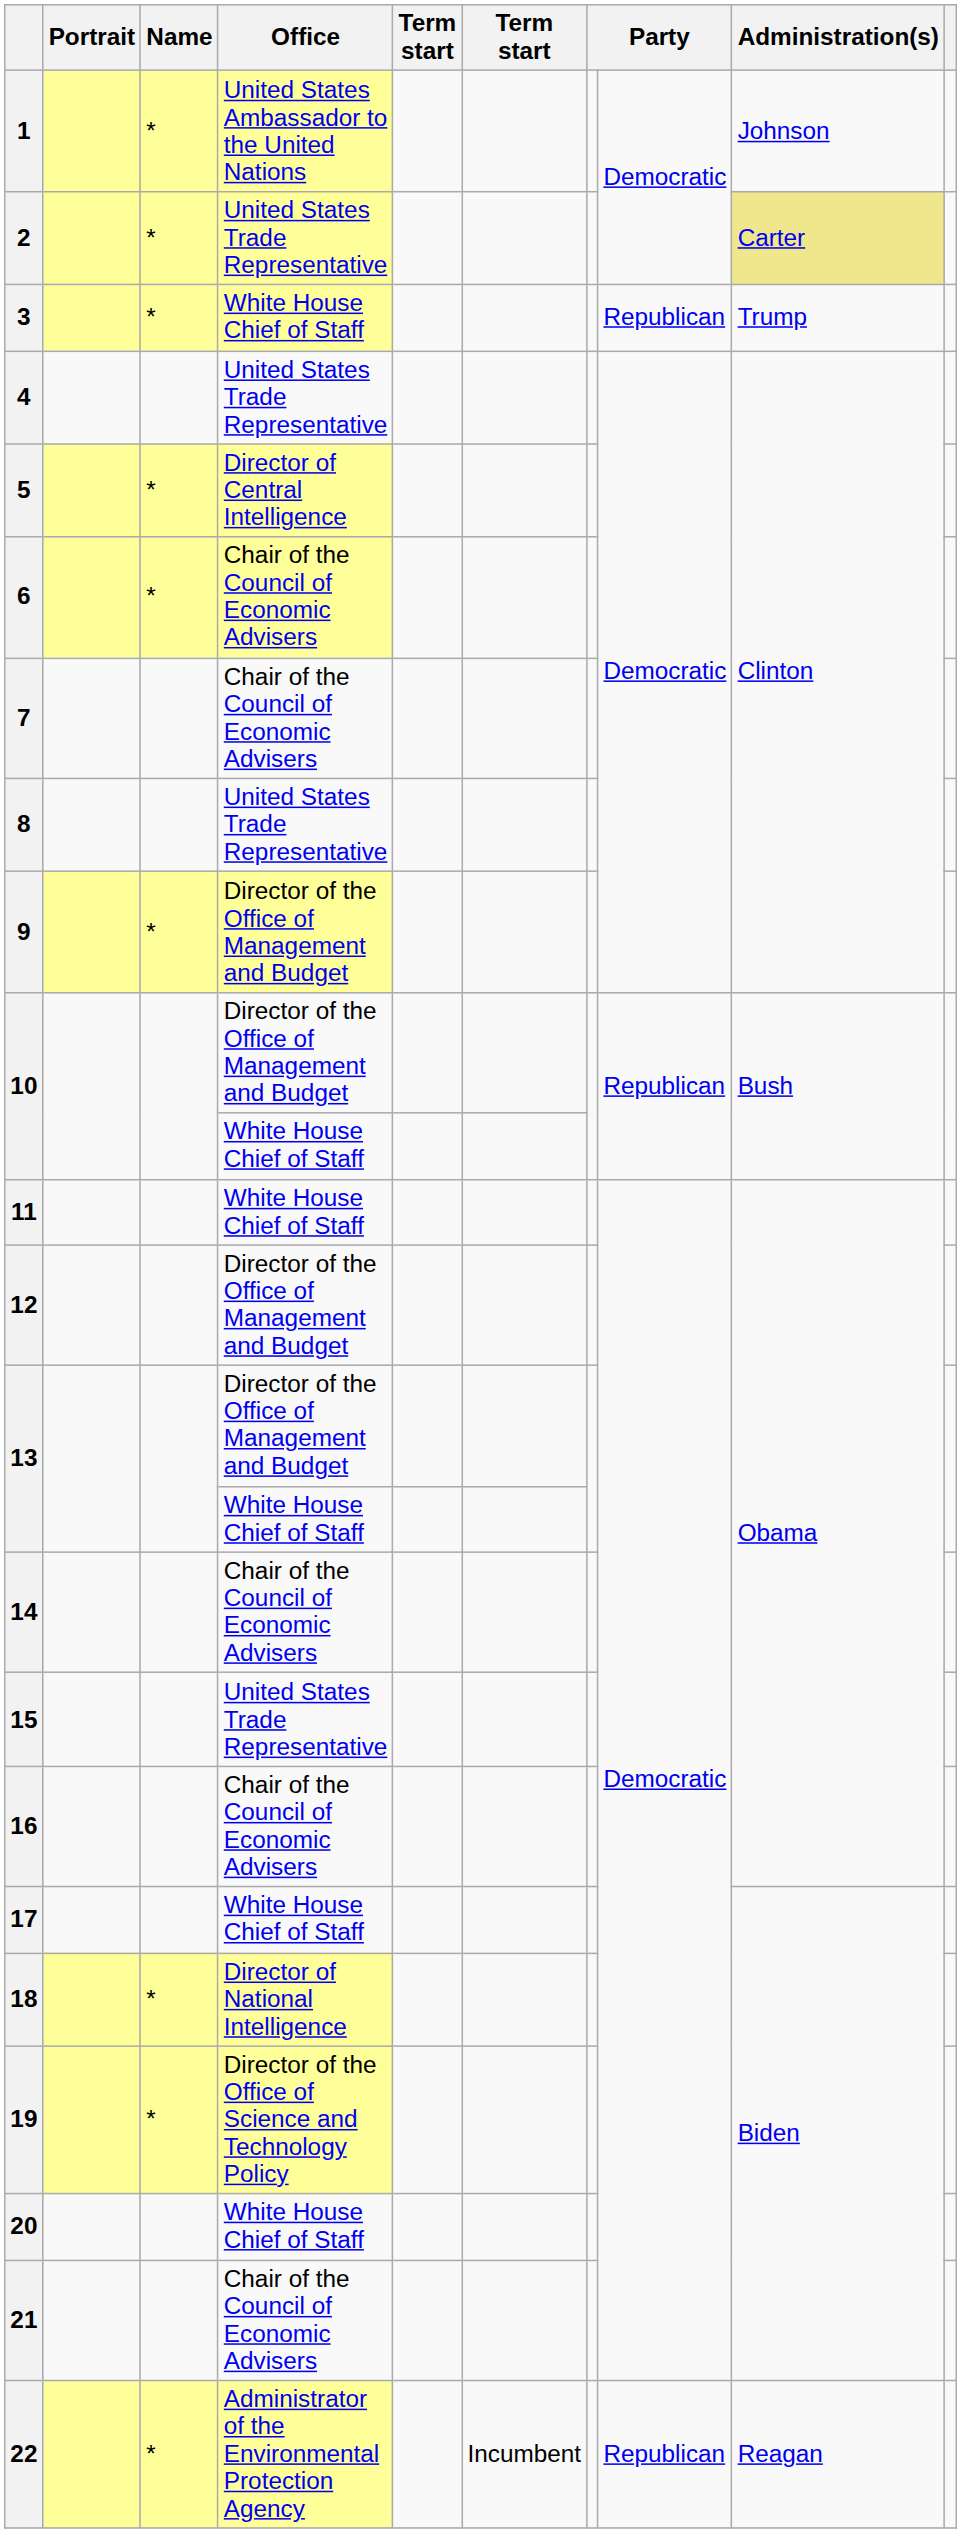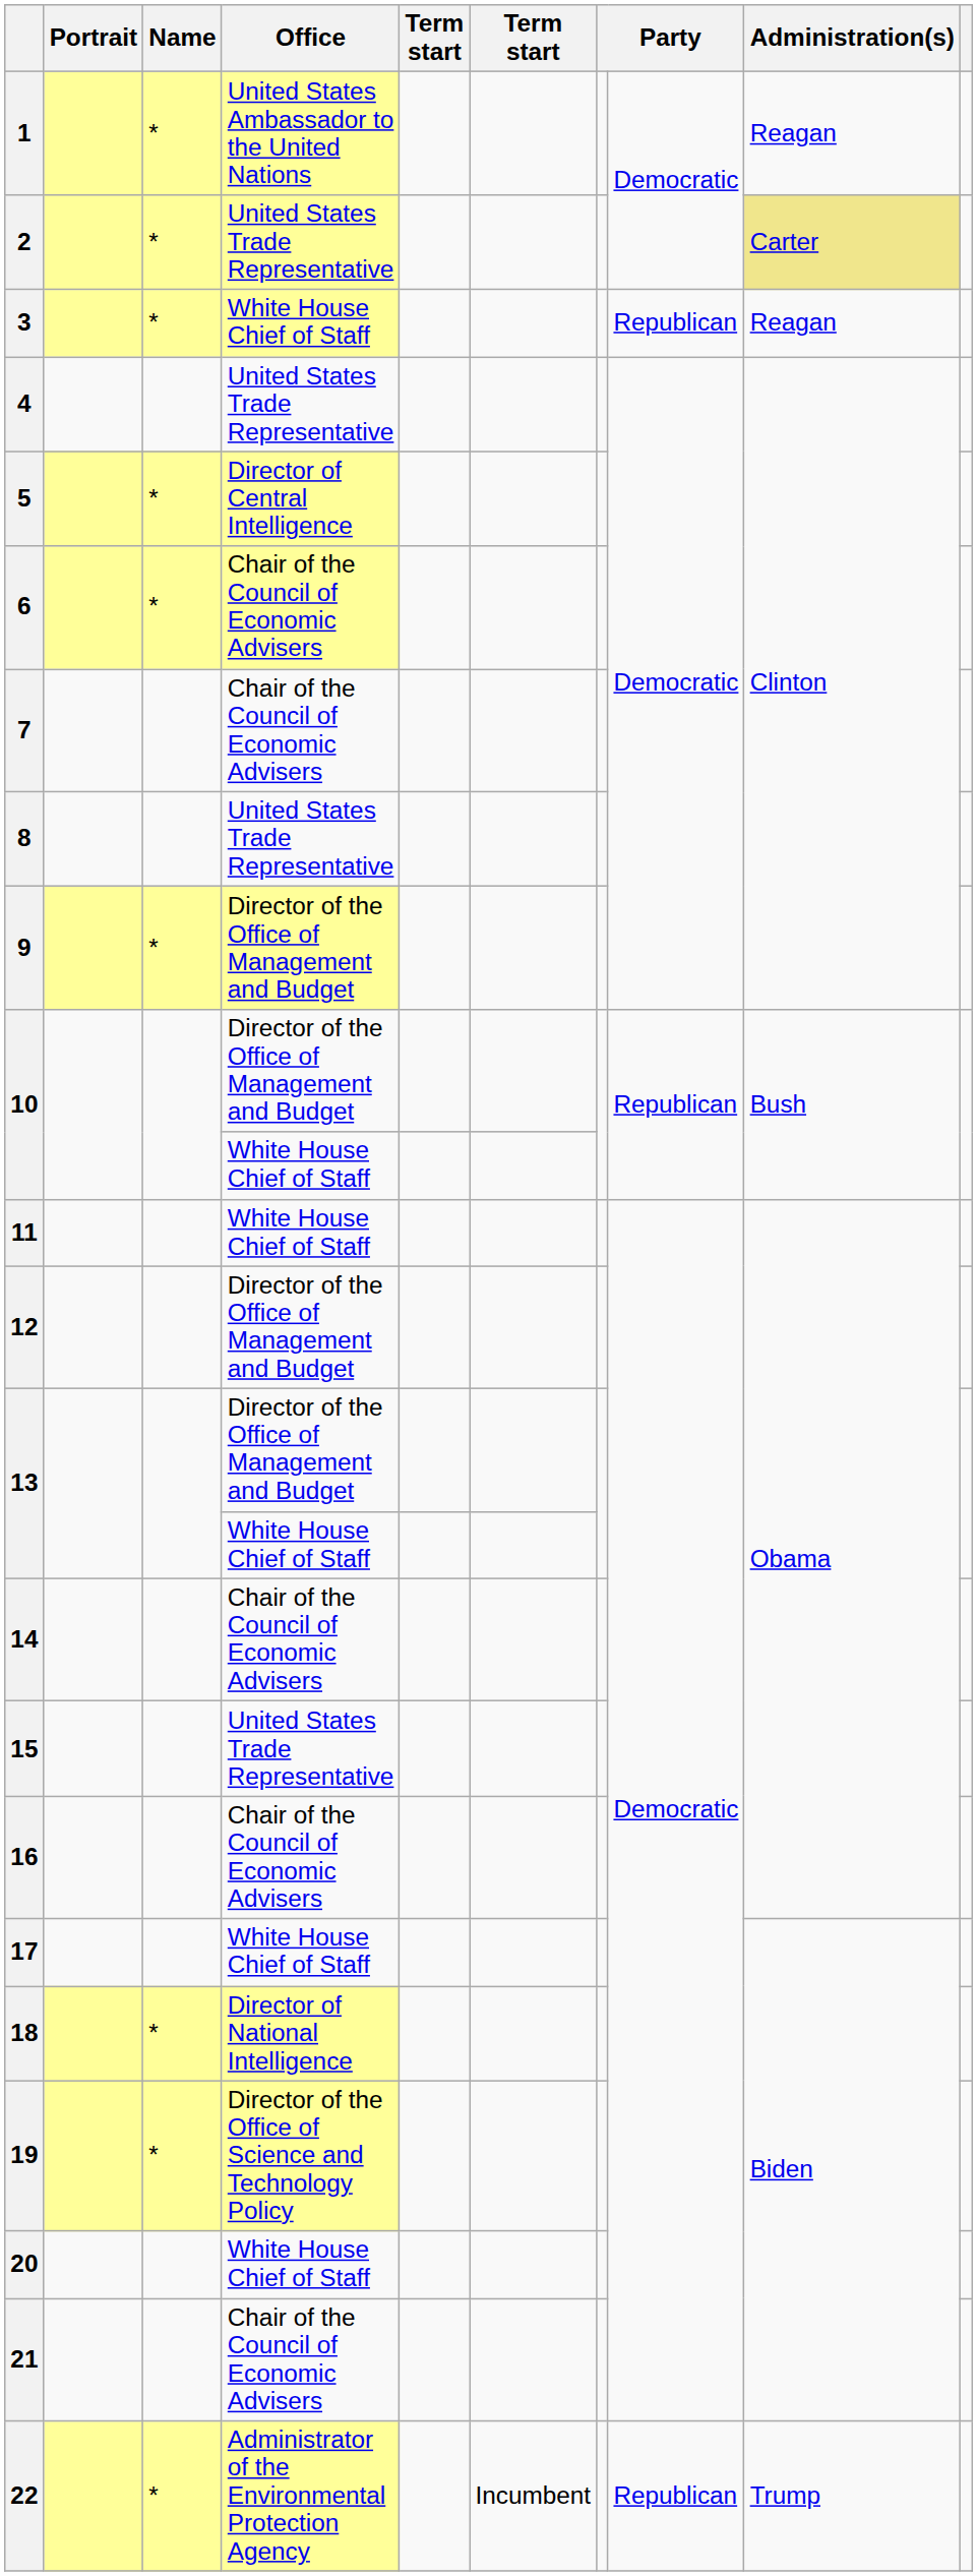 <table class="wikitable sortable">
 <tr>
 <th scope="col"></th>
 <th scope="col">Portrait</th>
 <th scope="col">Name</th>
 <th scope="col">Office</th>
 <th scope="col">Term start</th>
 <th scope="col">Term start</th>
 <th scope="col" colspan=2>Party</th>
 <th scope="col">Administration(s)</th>
 <th scope="col" class="unsortable"></th>
 </tr>
 <tr>
 <th scope="row">1</th>
 <td bgcolor="#FFFF99" data-sort-value="Goldberg, Arthur"></td>
 <td bgcolor="#FFFF99">*</td>
 <td bgcolor="#FFFF99"><a href='#'>United States Ambassador to the United Nations</a></td>
 <td></td>
 <td></td>
 <td style="background-color:"></td>
 <td rowspan=2><a href='#'>Democratic</a></td>
-<td><a href='#'>Johnson</a></td>
+<td><a href='#'>Reagan</a></td>
 <td align="center"></td>
 </tr>
 <tr>
 <th scope="row">2</th>
 <td bgcolor="#FFFF99" data-sort-value="Strauss, Robert S."></td>
 <td bgcolor="#FFFF99">*</td>
 <td bgcolor="#FFFF99"><a href='#'>United States Trade Representative</a></td>
 <td></td>
 <td></td>
 <td style="background-color:"></td>
 <td style="background: khaki;"><a href='#'>Carter</a></td>
 <td align="center"></td>
 </tr>
 <tr>
 <th scope="row">3</th>
 <td bgcolor="#FFFF99" data-sort-value="Duberstein, Kenneth"></td>
 <td bgcolor="#FFFF99">*</td>
 <td bgcolor="#FFFF99"><a href='#'>White House Chief of Staff</a></td>
 <td></td>
 <td></td>
 <td style="background-color:"></td>
 <td><a href='#'>Republican</a></td>
-<td><a href='#'>Trump</a></td>
+<td><a href='#'>Reagan</a></td>
 <td align="center"></td>
 </tr>
 <tr>
 <th scope="row">4</th>
 <td data-sort-value="Kantor, Mickey"></td>
 <td></td>
 <td><a href='#'>United States Trade Representative</a></td>
 <td></td>
 <td></td>
 <td style="background-color:"></td>
 <td rowspan=6><a href='#'>Democratic</a></td>
 <td rowspan=6><a href='#'>Clinton</a></td>
 <td align="center"></td>
 </tr>
 <tr>
 <th scope="row">5</th>
 <td bgcolor="#FFFF99" data-sort-value="Deutch, John"></td>
 <td bgcolor="#FFFF99">*</td>
 <td bgcolor="#FFFF99"><a href='#'>Director of Central Intelligence</a></td>
 <td></td>
 <td></td>
 <td style="background-color:"></td>
 <td align="center"></td>
 </tr>
 <tr>
 <th scope="row">6</th>
 <td bgcolor="#FFFF99" data-sort-value="Stiglitz, Joseph"></td>
 <td bgcolor="#FFFF99">*</td>
 <td bgcolor="#FFFF99">Chair of the <a href='#'>Council of Economic Advisers</a></td>
 <td></td>
 <td></td>
 <td style="background-color:"></td>
 <td align="center"></td>
 </tr>
 <tr>
 <th scope="row">7</th>
 <td data-sort-value="Yellen, Janet"></td>
 <td></td>
 <td>Chair of the <a href='#'>Council of Economic Advisers</a></td>
 <td></td>
 <td></td>
 <td style="background-color:"></td>
 <td align="center"></td>
 </tr>
 <tr>
 <th scope="row">8</th>
 <td data-sort-value="Barshefsky, Charlene"></td>
 <td></td>
 <td><a href='#'>United States Trade Representative</a></td>
 <td></td>
 <td></td>
 <td style="background-color:"></td>
 <td align="center"></td>
 </tr>
 <tr>
 <th scope="row">9</th>
 <td bgcolor="#FFFF99" data-sort-value="Lew, Jack"></td>
 <td bgcolor="#FFFF99">*</td>
 <td bgcolor="#FFFF99">Director of the <a href='#'>Office of Management and Budget</a></td>
 <td></td>
 <td></td>
 <td style="background-color:"></td>
 <td align="center"></td>
 </tr>
 <tr>
 <th rowspan=2 scope="row">10</th>
 <td rowspan=2 data-sort-value="Bolten, Joshua"></td>
 <td rowspan=2></td>
 <td>Director of the <a href='#'>Office of Management and Budget</a></td>
 <td></td>
 <td></td>
 <td rowspan=2 style="background-color:"></td>
 <td rowspan=2><a href='#'>Republican</a></td>
 <td rowspan=2><a href='#'>Bush</a></td>
 <td rowspan=2 align="center"></td>
 </tr>
 <tr>
 <td><a href='#'>White House Chief of Staff</a></td>
 <td></td>
 <td></td>
 </tr>
 <tr>
 <th scope="row">11</th>
 <td data-sort-value="Emanuel, Rahm"></td>
 <td></td>
 <td><a href='#'>White House Chief of Staff</a></td>
 <td></td>
 <td></td>
 <td style="background-color:"></td>
 <td rowspan=12><a href='#'>Democratic</a></td>
 <td rowspan=7><a href='#'>Obama</a></td>
 <td align="center"></td>
 </tr>
 <tr>
 <th scope="row">12</th>
 <td data-sort-value="Orszag, Peter"></td>
 <td></td>
 <td>Director of the <a href='#'>Office of Management and Budget</a></td>
 <td></td>
 <td></td>
 <td style="background-color:"></td>
 <td align="center"></td>
 </tr>
 <tr>
 <th rowspan=2 scope="row">13</th>
 <td rowspan=2 data-sort-value="Lew, Jack"></td>
 <td rowspan=2></td>
 <td>Director of the <a href='#'>Office of Management and Budget</a></td>
 <td></td>
 <td></td>
 <td rowspan=2 style="background-color:"></td>
 <td rowspan=2 align="center"></td>
 </tr>
 <tr>
 <td><a href='#'>White House Chief of Staff</a></td>
 <td></td>
 <td></td>
 </tr>
 <tr>
 <th scope="row">14</th>
 <td data-sort-value="Krueger, Alan"></td>
 <td></td>
 <td>Chair of the <a href='#'>Council of Economic Advisers</a></td>
 <td></td>
 <td></td>
 <td style="background-color:"></td>
 <td align="center"></td>
 </tr>
 <tr>
 <th scope="row">15</th>
 <td data-sort-value="Froman, Michael"></td>
 <td></td>
 <td><a href='#'>United States Trade Representative</a></td>
 <td></td>
 <td></td>
 <td style="background-color:"></td>
 <td align="center"></td>
 </tr>
 <tr>
 <th scope="row">16</th>
 <td data-sort-value="Furman, Jason"></td>
 <td></td>
 <td>Chair of the <a href='#'>Council of Economic Advisers</a></td>
 <td></td>
 <td></td>
 <td style="background-color:"></td>
 <td align="center"></td>
 </tr>
 <tr>
 <th scope="row">17</th>
 <td data-sort-value="Klain, Ron"></td>
 <td></td>
 <td><a href='#'>White House Chief of Staff</a></td>
 <td></td>
 <td></td>
 <td style="background-color:"></td>
 <td rowspan=5><a href='#'>Biden</a></td>
 <td align="center"></td>
 </tr>
 <tr>
 <th scope="row">18</th>
 <td bgcolor="#FFFF99" data-sort-value="Haines, Avril"></td>
 <td bgcolor="#FFFF99">*</td>
 <td bgcolor="#FFFF99"><a href='#'>Director of National Intelligence</a></td>
 <td></td>
 <td></td>
 <td style="background-color:"></td>
 <td align="center"></td>
 </tr>
 <tr>
 <th scope="row">19</th>
 <td bgcolor="#FFFF99" data-sort-value="Lander, Eric"></td>
 <td bgcolor="#FFFF99">*</td>
 <td bgcolor="#FFFF99">Director of the <a href='#'>Office of Science and Technology Policy</a></td>
 <td></td>
 <td></td>
 <td style="background-color:"></td>
 <td align="center"></td>
 </tr>
 <tr>
 <th scope="row">20</th>
 <td data-sort-value="Zients, Jeff"></td>
 <td></td>
 <td><a href='#'>White House Chief of Staff</a></td>
 <td></td>
 <td></td>
 <td style="background-color:"></td>
 <td align="center"></td>
 </tr>
 <tr>
 <th scope="row">21</th>
 <td data-sort-value="Bernstein, Jared"></td>
 <td></td>
 <td>Chair of the <a href='#'>Council of Economic Advisers</a></td>
 <td></td>
 <td></td>
 <td style="background-color:"></td>
 <td align="center"></td>
 </tr>
 <tr>
 <th scope="row">22</th>
 <td bgcolor="#FFFF99" data-sort-value="Zeldin, Lee"><br></td>
 <td bgcolor="#FFFF99">*</td>
 <td bgcolor="#FFFF99"><a href='#'>Administrator of the Environmental Protection Agency</a></td>
 <td></td>
 <td>Incumbent</td>
 <td style="background-color:"></td>
 <td><a href='#'>Republican</a></td>
-<td><a href='#'>Reagan</a></td>
+<td><a href='#'>Trump</a></td>
 <td align="center"></td>
 </tr>
 </table>
